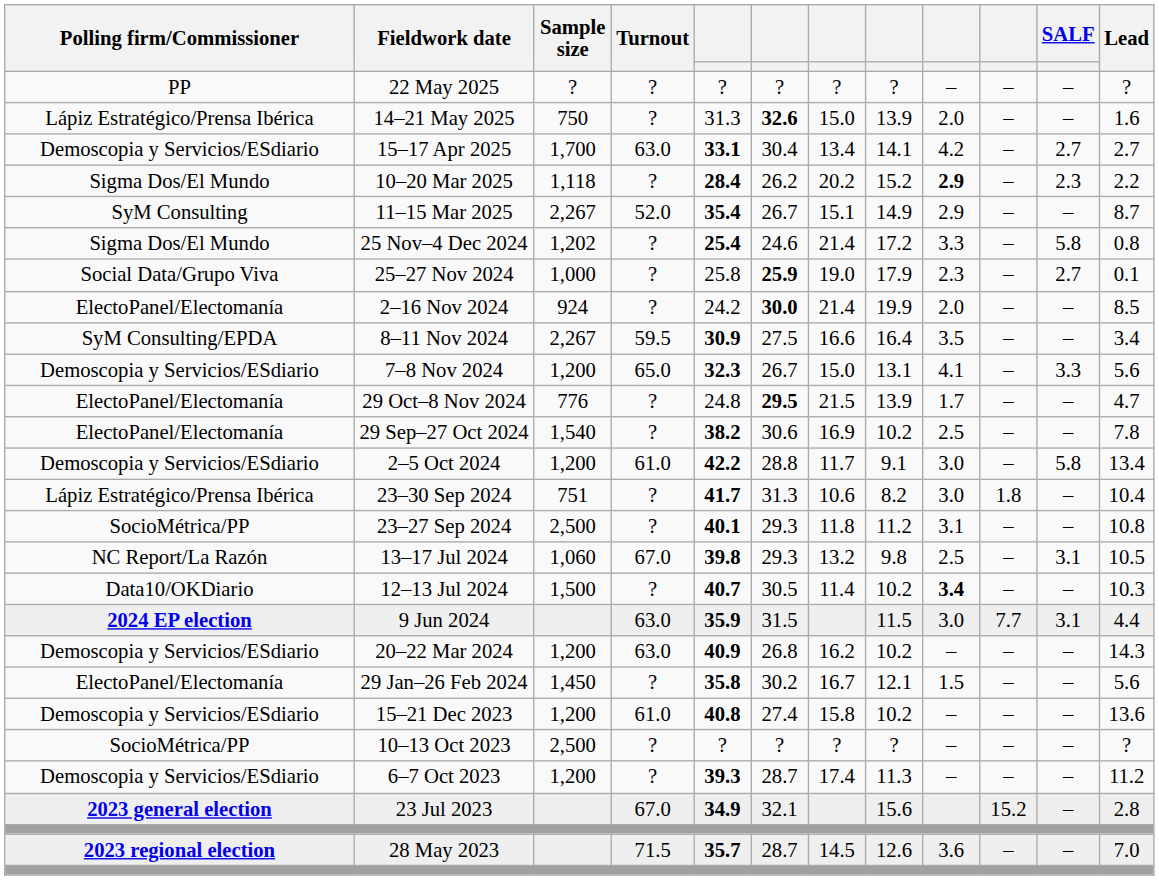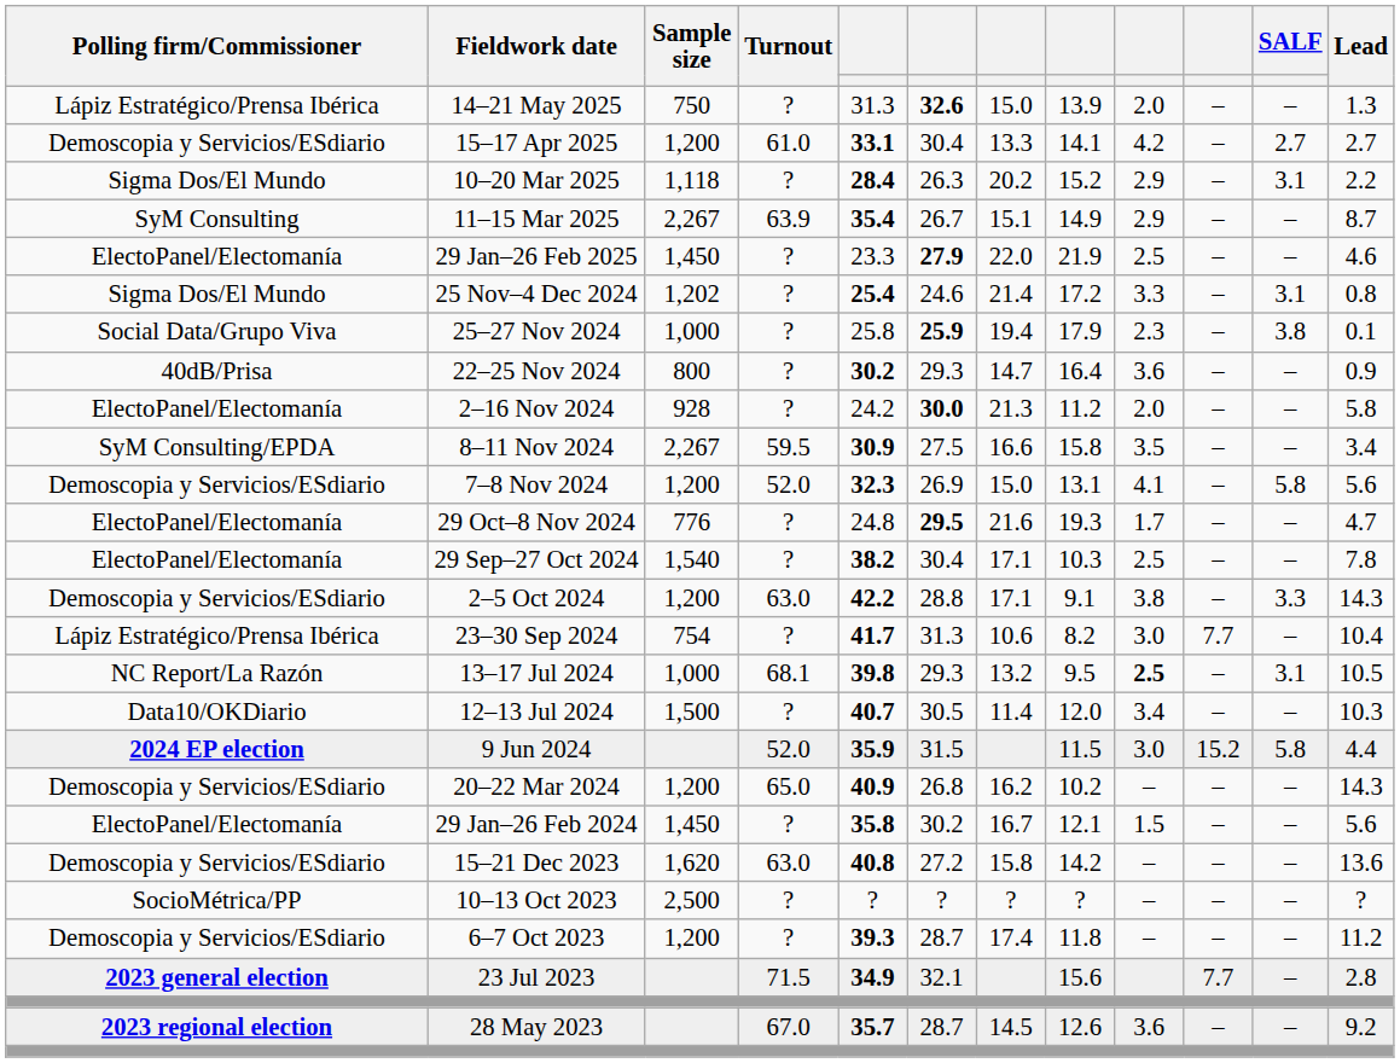 <table class="wikitable collapsible" style="text-align:center; font-size:95%; line-height:16px;">
 <tr style="height:42px;">
 <th style="width:250px;" rowspan="2">Polling firm/Commissioner</th>
 <th style="width:125px;" rowspan="2">Fieldwork date</th>
 <th style="width:50px;" rowspan="2">Sample size</th>
 <th style="width:45px;" rowspan="2">Turnout</th>
 <th style="width:35px;"></th>
 <th style="width:35px;"></th>
 <th style="width:35px;"></th>
 <th style="width:35px;"></th>
 <th style="width:35px;"><br></th>
 <th style="width:35px;"></th>
 <th style="width:35px;"><a href='#'>SALF</a></th>
 <th style="width:30px;" rowspan="2">Lead</th>
 </tr>
 <tr>
 <th style="color:inherit;background:"></th>
 <th style="color:inherit;background:"></th>
 <th style="color:inherit;background:"></th>
 <th style="color:inherit;background:"></th>
 <th style="color:inherit;background:"></th>
 <th style="color:inherit;background:"></th>
 <th style="color:inherit;background:"></th>
 </tr>
 <tr>
-<td>PP</td>
-<td>22 May 2025</td>
-<td>?</td>
-<td>?</td>
-<td>?<br></td>
-<td>?<br></td>
-<td>?<br></td>
-<td>?<br></td>
-<td>–</td>
-<td>–</td>
-<td>–</td>
-<td style="background:">?</td>
-</tr>
-<tr>
 <td>Lápiz Estratégico/Prensa Ibérica</td>
 <td>14–21 May 2025</td>
 <td>750</td>
 <td>?</td>
 <td>31.3<br></td>
 <td><strong>32.6</strong><br></td>
 <td>15.0<br></td>
 <td>13.9<br></td>
 <td>2.0<br></td>
 <td>–</td>
 <td>–</td>
-<td style="background:">1.6</td>
+<td style="background:">1.3</td>
 </tr>
 <tr>
 <td>Demoscopia y Servicios/ESdiario</td>
 <td>15–17 Apr 2025</td>
-<td>1,700</td>
-<td>63.0</td>
+<td>1,200</td>
+<td>61.0</td>
 <td><strong>33.1</strong><br></td>
 <td>30.4<br></td>
-<td>13.4<br></td>
+<td>13.3<br></td>
 <td>14.1<br></td>
 <td>4.2<br></td>
 <td>–</td>
 <td>2.7<br></td>
 <td style="background:">2.7</td>
 </tr>
 <tr>
 <td>Sigma Dos/El Mundo</td>
 <td>10–20 Mar 2025</td>
 <td>1,118</td>
 <td>?</td>
 <td><strong>28.4</strong><br></td>
-<td>26.2<br></td>
+<td>26.3<br></td>
 <td>20.2<br></td>
 <td>15.2<br></td>
-<td><strong>2.9<br></strong></td>
+<td>2.9<br></td>
 <td>–</td>
-<td>2.3<br></td>
+<td>3.1<br></td>
 <td style="background:">2.2</td>
 </tr>
 <tr>
 <td>SyM Consulting</td>
 <td>11–15 Mar 2025</td>
 <td>2,267</td>
-<td>52.0</td>
+<td>63.9</td>
 <td><strong>35.4</strong><br></td>
 <td>26.7<br></td>
 <td>15.1<br></td>
 <td>14.9<br></td>
 <td>2.9<br></td>
 <td>–</td>
 <td>–</td>
 <td style="background:">8.7</td>
+</tr>
+<tr>
+<td>ElectoPanel/Electomanía</td>
+<td>29 Jan–26 Feb 2025</td>
+<td>1,450</td>
+<td>?</td>
+<td>23.3<br></td>
+<td><strong>27.9</strong><br></td>
+<td>22.0<br></td>
+<td>21.9<br></td>
+<td>2.5<br></td>
+<td>–</td>
+<td>–</td>
+<td style="background:">4.6</td>
 </tr>
 <tr>
 <td>Sigma Dos/El Mundo</td>
 <td>25 Nov–4 Dec 2024</td>
 <td>1,202</td>
 <td>?</td>
 <td><strong>25.4</strong><br></td>
 <td>24.6<br></td>
 <td>21.4<br></td>
 <td>17.2<br></td>
 <td>3.3<br></td>
 <td>–</td>
-<td>5.8<br></td>
+<td>3.1<br></td>
 <td style="background:">0.8</td>
 </tr>
 <tr>
 <td>Social Data/Grupo Viva</td>
 <td>25–27 Nov 2024</td>
 <td>1,000</td>
 <td>?</td>
 <td>25.8<br></td>
 <td><strong>25.9</strong><br></td>
-<td>19.0<br></td>
+<td>19.4<br></td>
 <td>17.9<br></td>
 <td>2.3<br></td>
 <td>–</td>
-<td>2.7<br></td>
+<td>3.8<br></td>
 <td style="background:">0.1</td>
+</tr>
+<tr>
+<td>40dB/Prisa</td>
+<td>22–25 Nov 2024</td>
+<td>800</td>
+<td>?</td>
+<td><strong>30.2</strong></td>
+<td>29.3</td>
+<td>14.7</td>
+<td>16.4</td>
+<td>3.6</td>
+<td>–</td>
+<td>–</td>
+<td style="background:">0.9</td>
 </tr>
 <tr>
 <td>ElectoPanel/Electomanía</td>
 <td>2–16 Nov 2024</td>
-<td>924</td>
+<td>928</td>
 <td>?</td>
 <td>24.2<br></td>
 <td><strong>30.0</strong><br></td>
-<td>21.4<br></td>
-<td>19.9<br></td>
+<td>21.3<br></td>
+<td>11.2<br></td>
 <td>2.0<br></td>
 <td>–</td>
 <td>–</td>
-<td style="background:">8.5</td>
+<td style="background:">5.8</td>
 </tr>
 <tr>
 <td>SyM Consulting/EPDA</td>
 <td>8–11 Nov 2024</td>
 <td>2,267</td>
 <td>59.5</td>
 <td><strong>30.9</strong><br></td>
 <td>27.5<br></td>
 <td>16.6<br></td>
-<td>16.4<br></td>
+<td>15.8<br></td>
 <td>3.5<br></td>
 <td>–</td>
 <td>–</td>
 <td style="background:">3.4</td>
 </tr>
 <tr>
 <td>Demoscopia y Servicios/ESdiario</td>
 <td>7–8 Nov 2024</td>
 <td>1,200</td>
-<td>65.0</td>
+<td>52.0</td>
 <td><strong>32.3</strong><br></td>
-<td>26.7<br></td>
+<td>26.9<br></td>
 <td>15.0<br></td>
 <td>13.1<br></td>
 <td>4.1<br></td>
 <td>–</td>
-<td>3.3<br></td>
+<td>5.8<br></td>
 <td style="background:">5.6</td>
 </tr>
 <tr>
 <td>ElectoPanel/Electomanía</td>
 <td>29 Oct–8 Nov 2024</td>
 <td>776</td>
 <td>?</td>
 <td>24.8<br></td>
 <td><strong>29.5</strong><br></td>
-<td>21.5<br></td>
-<td>13.9<br></td>
+<td>21.6<br></td>
+<td>19.3<br></td>
 <td>1.7<br></td>
 <td>–</td>
 <td>–</td>
 <td style="background:">4.7</td>
 </tr>
 <tr>
 <td>ElectoPanel/Electomanía</td>
 <td>29 Sep–27 Oct 2024</td>
 <td>1,540</td>
 <td>?</td>
 <td><strong>38.2</strong><br></td>
-<td>30.6<br></td>
-<td>16.9<br></td>
-<td>10.2<br></td>
+<td>30.4<br></td>
+<td>17.1<br></td>
+<td>10.3<br></td>
 <td>2.5<br></td>
 <td>–</td>
 <td>–</td>
 <td style="background:">7.8</td>
 </tr>
 <tr>
 <td>Demoscopia y Servicios/ESdiario</td>
 <td>2–5 Oct 2024</td>
 <td>1,200</td>
-<td>61.0</td>
+<td>63.0</td>
 <td><strong>42.2</strong><br></td>
 <td>28.8<br></td>
-<td>11.7<br></td>
+<td>17.1<br></td>
 <td>9.1<br></td>
-<td>3.0<br></td>
+<td>3.8<br></td>
 <td>–</td>
-<td>5.8<br></td>
-<td style="background:">13.4</td>
+<td>3.3<br></td>
+<td style="background:">14.3</td>
 </tr>
 <tr>
 <td>Lápiz Estratégico/Prensa Ibérica</td>
 <td>23–30 Sep 2024</td>
-<td>751</td>
+<td>754</td>
 <td>?</td>
 <td><strong>41.7</strong><br></td>
 <td>31.3<br></td>
 <td>10.6<br></td>
 <td>8.2<br></td>
 <td>3.0<br></td>
-<td>1.8<br></td>
+<td>7.7<br></td>
 <td>–</td>
 <td style="background:">10.4</td>
 </tr>
 <tr>
-<td>SocioMétrica/PP</td>
-<td>23–27 Sep 2024</td>
-<td>2,500</td>
-<td>?</td>
-<td><strong>40.1</strong><br></td>
-<td>29.3<br></td>
-<td>11.8<br></td>
-<td>11.2<br></td>
-<td>3.1<br></td>
-<td>–</td>
-<td>–</td>
-<td style="background:">10.8</td>
-</tr>
-<tr>
 <td>NC Report/La Razón</td>
 <td>13–17 Jul 2024</td>
-<td>1,060</td>
-<td>67.0</td>
+<td>1,000</td>
+<td>68.1</td>
 <td><strong>39.8</strong><br></td>
 <td>29.3<br></td>
 <td>13.2<br></td>
-<td>9.8<br></td>
-<td>2.5<br></td>
+<td>9.5<br></td>
+<td><strong>2.5<br></strong></td>
 <td>–</td>
 <td>3.1<br></td>
 <td style="background:">10.5</td>
 </tr>
 <tr>
 <td>Data10/OKDiario</td>
 <td>12–13 Jul 2024</td>
 <td>1,500</td>
 <td>?</td>
 <td><strong>40.7</strong><br></td>
 <td>30.5<br></td>
 <td>11.4<br></td>
-<td>10.2<br></td>
-<td><strong>3.4<br></strong></td>
+<td>12.0<br></td>
+<td>3.4<br></td>
 <td>–</td>
 <td>–</td>
 <td style="background:">10.3</td>
 </tr>
 <tr style="background:#EFEFEF;">
 <td><strong><a href='#'>2024 EP election</a></strong></td>
 <td>9 Jun 2024</td>
 <td></td>
-<td>63.0</td>
+<td>52.0</td>
 <td><strong>35.9</strong><br></td>
 <td>31.5<br></td>
 <td></td>
 <td>11.5<br></td>
 <td>3.0<br></td>
-<td>7.7<br></td>
-<td>3.1<br></td>
+<td>15.2<br></td>
+<td>5.8<br></td>
 <td style="background:">4.4</td>
 </tr>
 <tr>
 <td>Demoscopia y Servicios/ESdiario</td>
 <td>20–22 Mar 2024</td>
 <td>1,200</td>
-<td>63.0</td>
+<td>65.0</td>
 <td><strong>40.9</strong><br></td>
 <td>26.8<br></td>
 <td>16.2<br></td>
 <td>10.2<br></td>
 <td>–</td>
 <td>–</td>
 <td>–</td>
 <td style="background:">14.3</td>
 </tr>
 <tr>
 <td>ElectoPanel/Electomanía</td>
 <td>29 Jan–26 Feb 2024</td>
 <td>1,450</td>
 <td>?</td>
 <td><strong>35.8</strong><br></td>
 <td>30.2<br></td>
 <td>16.7<br></td>
 <td>12.1<br></td>
 <td>1.5<br></td>
 <td>–</td>
 <td>–</td>
 <td style="background:">5.6</td>
 </tr>
 <tr>
 <td>Demoscopia y Servicios/ESdiario</td>
 <td>15–21 Dec 2023</td>
-<td>1,200</td>
-<td>61.0</td>
+<td>1,620</td>
+<td>63.0</td>
 <td><strong>40.8</strong><br></td>
-<td>27.4<br></td>
+<td>27.2<br></td>
 <td>15.8<br></td>
-<td>10.2<br></td>
+<td>14.2<br></td>
 <td>–</td>
 <td>–</td>
 <td>–</td>
 <td style="background:">13.6</td>
 </tr>
 <tr>
 <td>SocioMétrica/PP</td>
 <td>10–13 Oct 2023</td>
 <td>2,500</td>
 <td>?</td>
 <td>?<br></td>
 <td>?<br></td>
 <td>?<br></td>
 <td>?<br></td>
 <td>–</td>
 <td>–</td>
 <td>–</td>
 <td style="background:">?</td>
 </tr>
 <tr>
 <td>Demoscopia y Servicios/ESdiario</td>
 <td>6–7 Oct 2023</td>
 <td>1,200</td>
 <td>?</td>
 <td><strong>39.3</strong><br></td>
 <td>28.7<br></td>
 <td>17.4<br></td>
-<td>11.3<br></td>
+<td>11.8<br></td>
 <td>–</td>
 <td>–</td>
 <td>–</td>
 <td style="background:">11.2</td>
 </tr>
 <tr style="background:#EFEFEF;">
 <td><strong><a href='#'>2023 general election</a></strong></td>
 <td>23 Jul 2023</td>
 <td></td>
-<td>67.0</td>
+<td>71.5</td>
 <td><strong>34.9</strong><br></td>
 <td>32.1<br></td>
 <td></td>
 <td>15.6<br></td>
 <td></td>
-<td>15.2<br></td>
+<td>7.7<br></td>
 <td>–</td>
 <td style="background:">2.8</td>
 </tr>
 <tr>
 <td colspan="12" style="background:#A0A0A0"></td>
 </tr>
 <tr style="background:#EFEFEF;">
 <td><strong><a href='#'>2023 regional election</a></strong></td>
 <td>28 May 2023</td>
 <td></td>
-<td>71.5</td>
+<td>67.0</td>
 <td><strong>35.7</strong><br></td>
 <td>28.7<br></td>
 <td>14.5<br></td>
 <td>12.6<br></td>
 <td>3.6<br></td>
 <td>–</td>
 <td>–</td>
-<td style="background:">7.0</td>
+<td style="background:">9.2</td>
 </tr>
 <tr>
 <td colspan="12" style="background:#A0A0A0"></td>
 </tr>
 </table>
